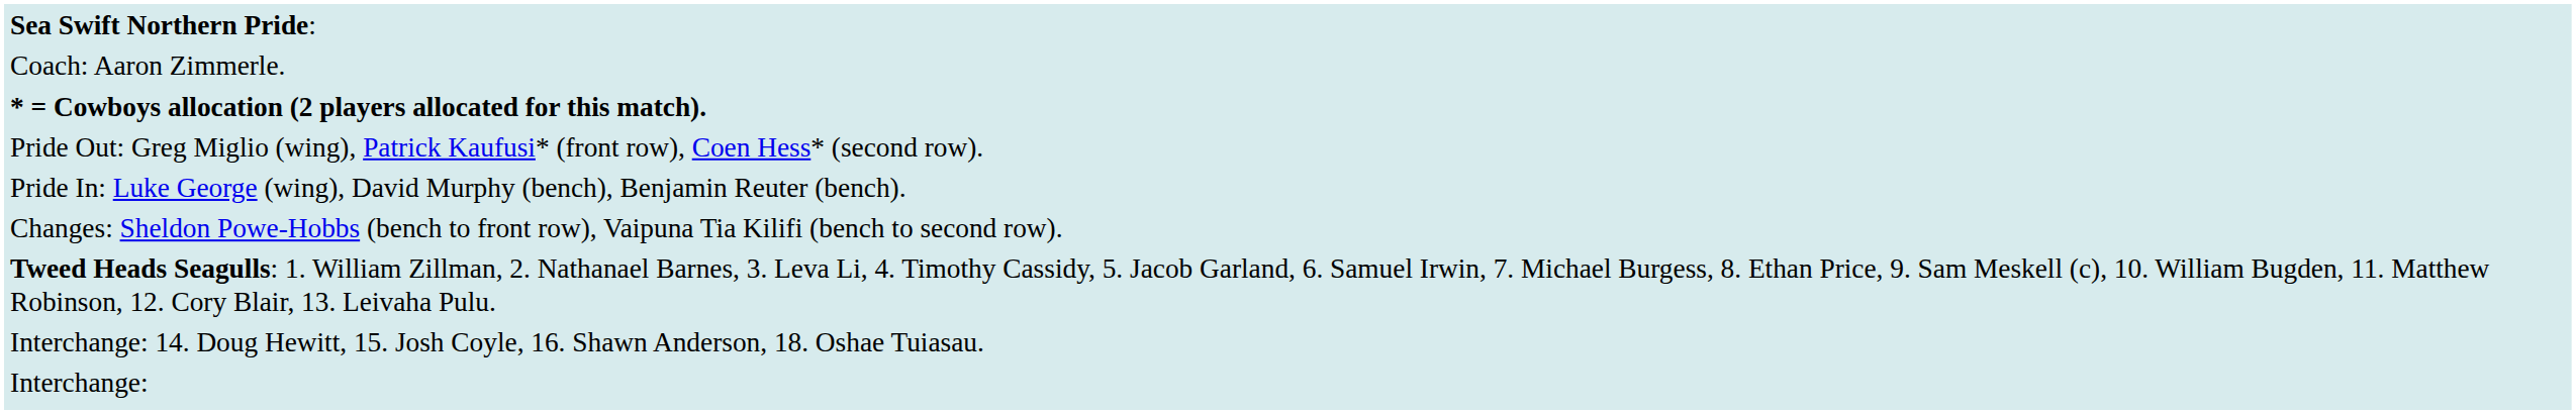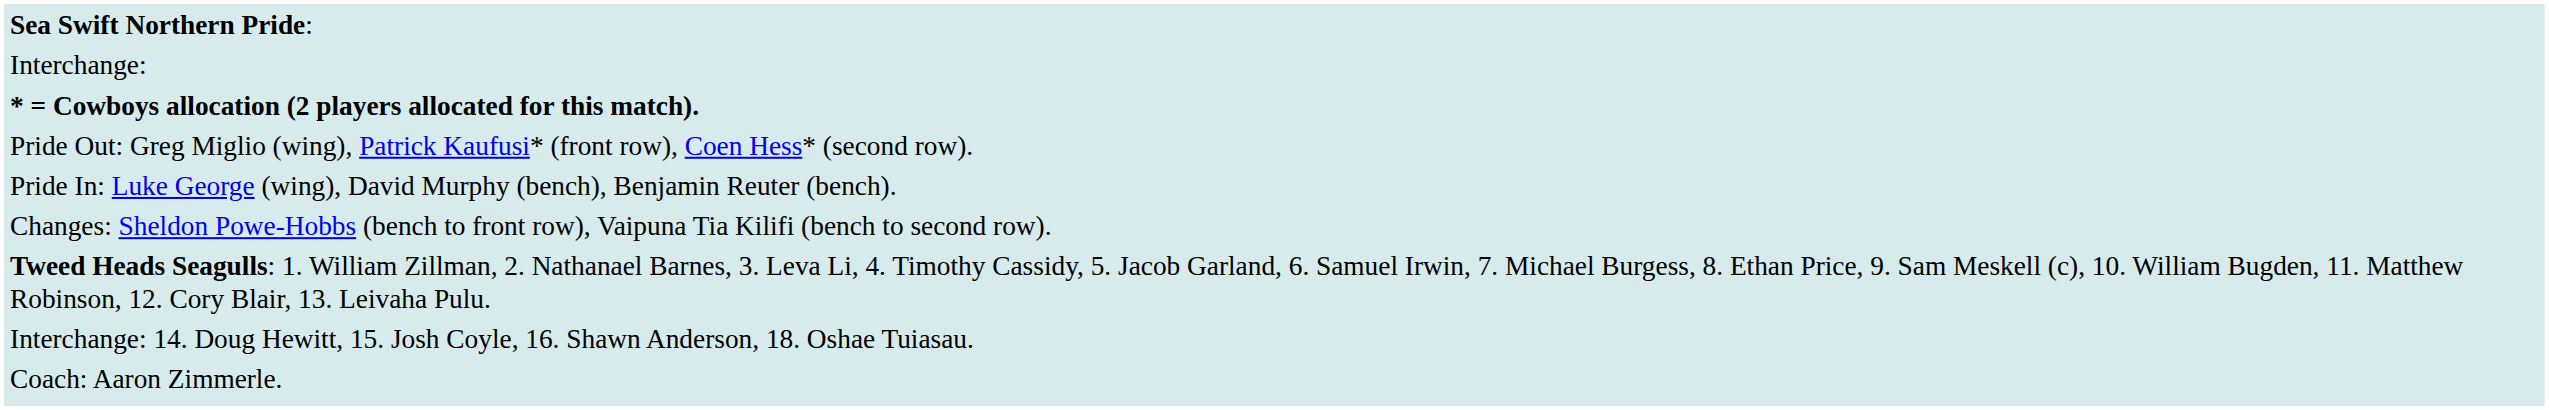 <table style="background:#d7ebed; font-size:85%; width:100%;">
 <tr>
 <td><strong>Sea Swift Northern Pride</strong>:             </td>
 </tr>
 <tr>
-<td>Coach: Aaron Zimmerle.</td>
+<td>Interchange:    </td>
 </tr>
 <tr>
 <td><strong>* = Cowboys allocation (2 players allocated for this match).</strong></td>
 </tr>
 <tr>
 <td>Pride Out: Greg Miglio (wing), <a href='#'>Patrick Kaufusi</a>* (front row), <a href='#'>Coen Hess</a>* (second row).</td>
 </tr>
 <tr>
 <td>Pride In: <a href='#'>Luke George</a> (wing), David Murphy (bench), Benjamin Reuter (bench).</td>
 </tr>
 <tr>
 <td>Changes: <a href='#'>Sheldon Powe-Hobbs</a> (bench to front row), Vaipuna Tia Kilifi (bench to second row).</td>
 </tr>
 <tr>
 <td><strong>Tweed Heads Seagulls</strong>: 1. William Zillman, 2. Nathanael Barnes, 3. Leva Li, 4. Timothy Cassidy, 5. Jacob Garland, 6. Samuel Irwin, 7. Michael Burgess, 8. Ethan Price, 9. Sam Meskell (c), 10. William Bugden, 11. Matthew Robinson, 12. Cory Blair, 13. Leivaha Pulu.</td>
 </tr>
 <tr>
 <td>Interchange: 14. Doug Hewitt, 15. Josh Coyle, 16. Shawn Anderson, 18. Oshae Tuiasau.</td>
 </tr>
 <tr>
-<td>Interchange:    </td>
+<td>Coach: Aaron Zimmerle.</td>
 </tr>
 <tr>
 </tr>
 </table>
